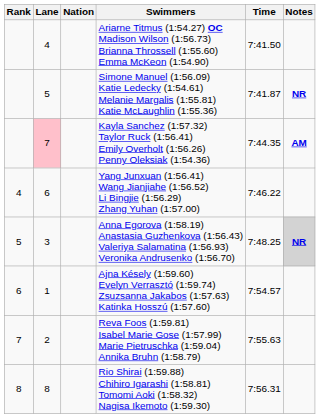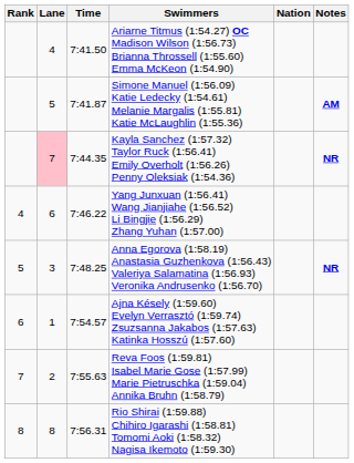 <table class="wikitable sortable" style="text-align:center">
 <tr>
 <th>Rank</th>
 <th>Lane</th>
+<th>Time</th>
+<th>Swimmers</th>
 <th>Nation</th>
-<th>Swimmers</th>
-<th>Time</th>
 <th>Notes</th>
 </tr>
 <tr>
 <td></td>
 <td>4</td>
+<td>7:41.50</td>
+<td align=left><a href='#'>Ariarne Titmus</a> (1:54.27) <strong><a href='#'>OC</a></strong><br><a href='#'>Madison Wilson</a> (1:56.73)<br><a href='#'>Brianna Throssell</a> (1:55.60)<br><a href='#'>Emma McKeon</a> (1:54.90)</td>
 <td align=left></td>
-<td align=left><a href='#'>Ariarne Titmus</a> (1:54.27) <strong><a href='#'>OC</a></strong><br><a href='#'>Madison Wilson</a> (1:56.73)<br><a href='#'>Brianna Throssell</a> (1:55.60)<br><a href='#'>Emma McKeon</a> (1:54.90)</td>
-<td>7:41.50</td>
 <td></td>
 </tr>
 <tr>
 <td></td>
 <td>5</td>
+<td>7:41.87</td>
+<td align=left><a href='#'>Simone Manuel</a> (1:56.09)<br><a href='#'>Katie Ledecky</a> (1:54.61)<br><a href='#'>Melanie Margalis</a> (1:55.81)<br><a href='#'>Katie McLaughlin</a> (1:55.36)</td>
 <td align=left></td>
-<td align=left><a href='#'>Simone Manuel</a> (1:56.09)<br><a href='#'>Katie Ledecky</a> (1:54.61)<br><a href='#'>Melanie Margalis</a> (1:55.81)<br><a href='#'>Katie McLaughlin</a> (1:55.36)</td>
-<td>7:41.87</td>
-<td><strong><a href='#'>NR</a></strong></td>
+<td><strong><a href='#'>AM</a></strong></td>
 </tr>
 <tr>
 <td></td>
 <td style="background: pink;">7</td>
+<td>7:44.35</td>
+<td align=left><a href='#'>Kayla Sanchez</a> (1:57.32)<br><a href='#'>Taylor Ruck</a> (1:56.41)<br><a href='#'>Emily Overholt</a> (1:56.26)<br><a href='#'>Penny Oleksiak</a> (1:54.36)</td>
 <td align=left></td>
-<td align=left><a href='#'>Kayla Sanchez</a> (1:57.32)<br><a href='#'>Taylor Ruck</a> (1:56.41)<br><a href='#'>Emily Overholt</a> (1:56.26)<br><a href='#'>Penny Oleksiak</a> (1:54.36)</td>
-<td>7:44.35</td>
-<td><strong><a href='#'>AM</a></strong></td>
+<td><strong><a href='#'>NR</a></strong></td>
 </tr>
 <tr>
 <td>4</td>
 <td>6</td>
+<td>7:46.22</td>
+<td align=left><a href='#'>Yang Junxuan</a> (1:56.41)<br><a href='#'>Wang Jianjiahe</a> (1:56.52)<br><a href='#'>Li Bingjie</a> (1:56.29)<br><a href='#'>Zhang Yuhan</a> (1:57.00)</td>
 <td align=left></td>
-<td align=left><a href='#'>Yang Junxuan</a> (1:56.41)<br><a href='#'>Wang Jianjiahe</a> (1:56.52)<br><a href='#'>Li Bingjie</a> (1:56.29)<br><a href='#'>Zhang Yuhan</a> (1:57.00)</td>
-<td>7:46.22</td>
 <td></td>
 </tr>
 <tr>
 <td>5</td>
 <td>3</td>
+<td>7:48.25</td>
+<td align=left><a href='#'>Anna Egorova</a> (1:58.19)<br><a href='#'>Anastasia Guzhenkova</a> (1:56.43)<br><a href='#'>Valeriya Salamatina</a> (1:56.93)<br><a href='#'>Veronika Andrusenko</a> (1:56.70)</td>
 <td align=left></td>
-<td align=left><a href='#'>Anna Egorova</a> (1:58.19)<br><a href='#'>Anastasia Guzhenkova</a> (1:56.43)<br><a href='#'>Valeriya Salamatina</a> (1:56.93)<br><a href='#'>Veronika Andrusenko</a> (1:56.70)</td>
-<td>7:48.25</td>
-<td style="background: lightgrey;"><strong><a href='#'>NR</a></strong></td>
+<td><strong><a href='#'>NR</a></strong></td>
 </tr>
 <tr>
 <td>6</td>
 <td>1</td>
+<td>7:54.57</td>
+<td align=left><a href='#'>Ajna Késely</a> (1:59.60)<br><a href='#'>Evelyn Verrasztó</a> (1:59.74)<br><a href='#'>Zsuzsanna Jakabos</a> (1:57.63)<br><a href='#'>Katinka Hosszú</a> (1:57.60)</td>
 <td align=left></td>
-<td align=left><a href='#'>Ajna Késely</a> (1:59.60)<br><a href='#'>Evelyn Verrasztó</a> (1:59.74)<br><a href='#'>Zsuzsanna Jakabos</a> (1:57.63)<br><a href='#'>Katinka Hosszú</a> (1:57.60)</td>
-<td>7:54.57</td>
 <td></td>
 </tr>
 <tr>
 <td>7</td>
 <td>2</td>
+<td>7:55.63</td>
+<td align=left><a href='#'>Reva Foos</a> (1:59.81)<br><a href='#'>Isabel Marie Gose</a> (1:57.99)<br><a href='#'>Marie Pietruschka</a> (1:59.04)<br><a href='#'>Annika Bruhn</a> (1:58.79)</td>
 <td align=left></td>
-<td align=left><a href='#'>Reva Foos</a> (1:59.81)<br><a href='#'>Isabel Marie Gose</a> (1:57.99)<br><a href='#'>Marie Pietruschka</a> (1:59.04)<br><a href='#'>Annika Bruhn</a> (1:58.79)</td>
-<td>7:55.63</td>
 <td></td>
 </tr>
 <tr>
 <td>8</td>
 <td>8</td>
+<td>7:56.31</td>
+<td align=left><a href='#'>Rio Shirai</a> (1:59.88)<br><a href='#'>Chihiro Igarashi</a> (1:58.81)<br><a href='#'>Tomomi Aoki</a> (1:58.32)<br><a href='#'>Nagisa Ikemoto</a> (1:59.30)</td>
 <td align=left></td>
-<td align=left><a href='#'>Rio Shirai</a> (1:59.88)<br><a href='#'>Chihiro Igarashi</a> (1:58.81)<br><a href='#'>Tomomi Aoki</a> (1:58.32)<br><a href='#'>Nagisa Ikemoto</a> (1:59.30)</td>
-<td>7:56.31</td>
 <td></td>
 </tr>
 </table>
